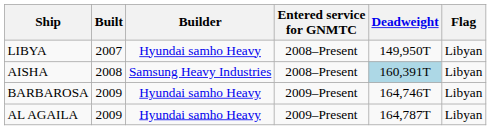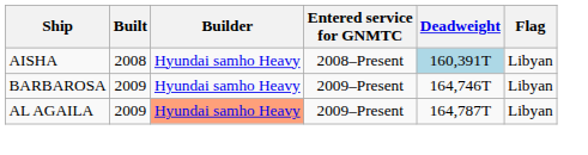 <table class="wikitable">
 <tr>
 <th>Ship</th>
 <th>Built</th>
 <th>Builder</th>
 <th>Entered service <br>for GNMTC</th>
 <th><a href='#'>Deadweight</a></th>
 <th>Flag</th>
 </tr>
 <tr>
-<td>LIBYA</td>
-<td align="Center">2007</td>
-<td align="Center"><a href='#'>Hyundai samho Heavy</a></td>
-<td align="Center">2008–Present</td>
-<td align="Center">149,950T</td>
-<td>Libyan</td>
-</tr>
-<tr>
 <td>AISHA</td>
 <td align="Center">2008</td>
-<td align="Center"><a href='#'>Samsung Heavy Industries</a></td>
+<td align="Center"><a href='#'>Hyundai samho Heavy</a></td>
 <td align="Center">2008–Present</td>
 <td align="Center" style="background: lightblue;">160,391T</td>
 <td align="Center">Libyan</td>
 </tr>
 <tr>
 <td>BARBAROSA</td>
 <td align="Center">2009</td>
 <td align="Center"><a href='#'>Hyundai samho Heavy</a></td>
 <td align="Center">2009–Present</td>
 <td align="Center">164,746T</td>
 <td align="Center">Libyan</td>
 </tr>
 <tr>
 <td>AL AGAILA</td>
 <td align="Center">2009</td>
-<td align="Center"><a href='#'>Hyundai samho Heavy</a></td>
+<td align="Center" style="background: lightsalmon;"><a href='#'>Hyundai samho Heavy</a></td>
 <td align="Center">2009–Present</td>
 <td align="Center">164,787T</td>
 <td align="Center">Libyan</td>
 </tr>
 </table>
